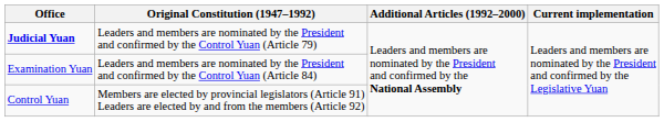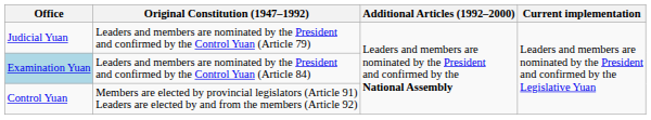 <table class=wikitable>
 <tr>
 <th>Office</th>
 <th>Original Constitution (1947–1992)</th>
 <th>Additional Articles (1992–2000)</th>
 <th>Current implementation</th>
 </tr>
 <tr>
-<td><strong><a href='#'>Judicial Yuan</a></strong></td>
+<td><a href='#'>Judicial Yuan</a></td>
 <td>Leaders and members are nominated by the <a href='#'>President</a><br>and confirmed by the <a href='#'>Control Yuan</a> (Article 79)</td>
 <td rowspan=3>Leaders and members are<br>nominated by the <a href='#'>President</a><br>and confirmed by the <br><strong>National Assembly</strong></td>
 <td rowspan=3>Leaders and members are<br>nominated by the <a href='#'>President</a><br>and confirmed by the <br><a href='#'>Legislative Yuan</a></td>
 </tr>
 <tr>
-<td><a href='#'>Examination Yuan</a></td>
+<td style="background: lightblue;"><a href='#'>Examination Yuan</a></td>
 <td>Leaders and members are nominated by the <a href='#'>President</a><br>and confirmed by the <a href='#'>Control Yuan</a> (Article 84)</td>
 </tr>
 <tr>
 <td><a href='#'>Control Yuan</a></td>
 <td>Members are elected by provincial legislators (Article 91)<br>Leaders are elected by and from the members (Article 92)</td>
 </tr>
 </table>
